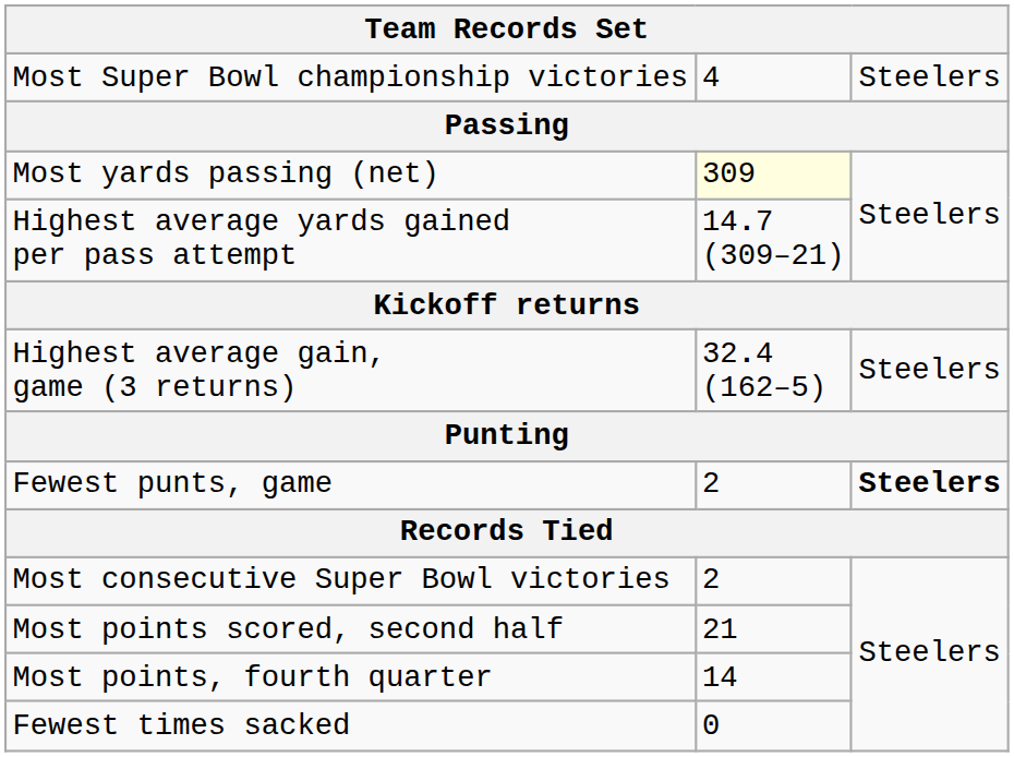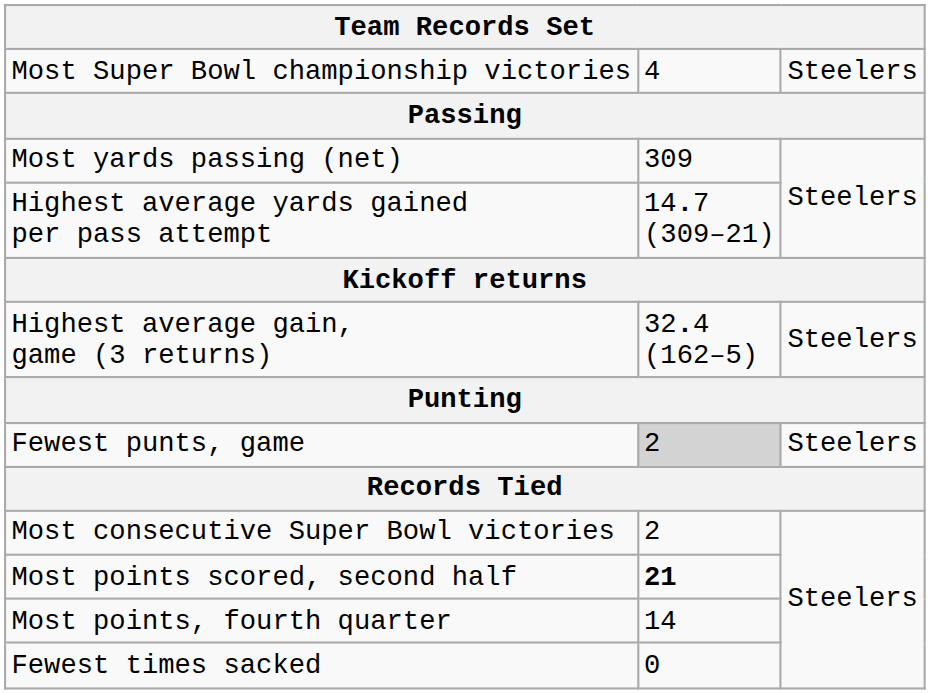 <table class="wikitable">
 <tr>
 <th colspan=3>Team Records Set</th>
 </tr>
 <tr>
 <td>Most Super Bowl championship victories</td>
 <td>4</td>
 <td>Steelers</td>
 </tr>
 <tr>
 <th colspan=3>Passing</th>
 </tr>
 <tr>
 <td>Most yards passing (net)</td>
-<td style="background: lightyellow;">309</td>
+<td>309</td>
 <td rowspan=2>Steelers</td>
 </tr>
 <tr>
 <td>Highest average yards gained <br>per pass attempt</td>
 <td>14<strong>.</strong>7<br>(309–21)</td>
 </tr>
 <tr>
 <th colspan=3>Kickoff returns</th>
 </tr>
 <tr>
 <td>Highest average gain,<br> game (3 returns)</td>
 <td>32<strong>.</strong>4<br>  (162–5)</td>
 <td>Steelers</td>
 </tr>
 <tr>
 <th colspan=3>Punting</th>
 </tr>
 <tr>
 <td>Fewest punts, game</td>
-<td>2</td>
-<td><strong>Steelers</strong></td>
+<td style="background: lightgrey;">2</td>
+<td>Steelers</td>
 </tr>
 <tr>
 <th colspan=3>Records Tied</th>
 </tr>
 <tr>
 <td>Most consecutive Super Bowl victories</td>
 <td>2</td>
 <td rowspan=4>Steelers</td>
 </tr>
 <tr>
 <td>Most points scored, second half</td>
-<td>21</td>
+<td><strong>21</strong></td>
 </tr>
 <tr>
 <td>Most points, fourth quarter</td>
 <td>14</td>
 </tr>
 <tr>
 <td>Fewest times sacked</td>
 <td>0</td>
 </tr>
 </table>
